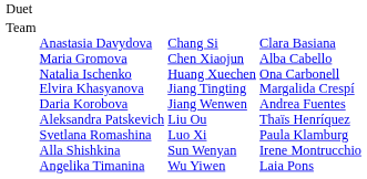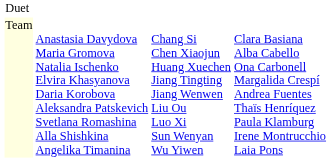 <table>
 <tr>
 <td>Duet<br></td>
 <td></td>
 <td></td>
 <td></td>
 </tr>
 <tr valign="top">
-<td>Team<br></td>
+<td style="background: lightyellow;">Team<br></td>
 <td><br><a href='#'>Anastasia Davydova</a><br><a href='#'>Maria Gromova</a><br><a href='#'>Natalia Ischenko</a><br><a href='#'>Elvira Khasyanova</a><br><a href='#'>Daria Korobova</a><br><a href='#'>Aleksandra Patskevich</a><br><a href='#'>Svetlana Romashina</a><br><a href='#'>Alla Shishkina</a><br><a href='#'>Angelika Timanina</a></td>
 <td><br><a href='#'>Chang Si</a><br><a href='#'>Chen Xiaojun</a><br><a href='#'>Huang Xuechen</a><br><a href='#'>Jiang Tingting</a><br><a href='#'>Jiang Wenwen</a><br><a href='#'>Liu Ou</a><br><a href='#'>Luo Xi</a><br><a href='#'>Sun Wenyan</a><br><a href='#'>Wu Yiwen</a></td>
 <td><br><a href='#'>Clara Basiana</a><br><a href='#'>Alba Cabello</a><br><a href='#'>Ona Carbonell</a><br><a href='#'>Margalida Crespí</a><br><a href='#'>Andrea Fuentes</a><br><a href='#'>Thaïs Henríquez</a><br><a href='#'>Paula Klamburg</a><br><a href='#'>Irene Montrucchio</a><br><a href='#'>Laia Pons</a></td>
 </tr>
 </table>
